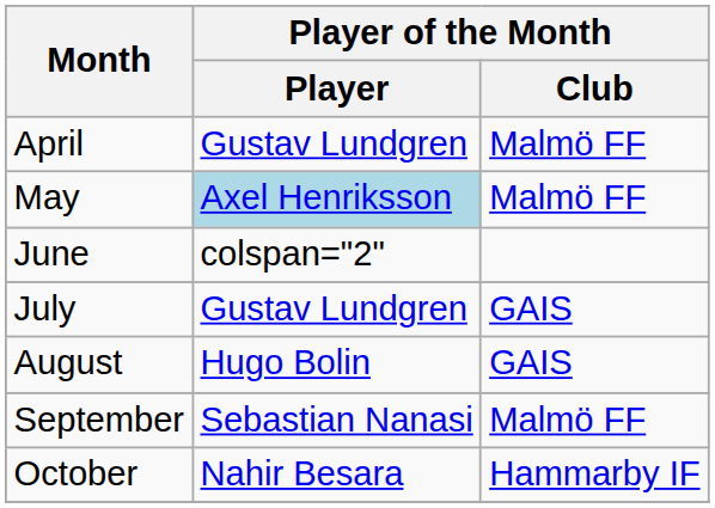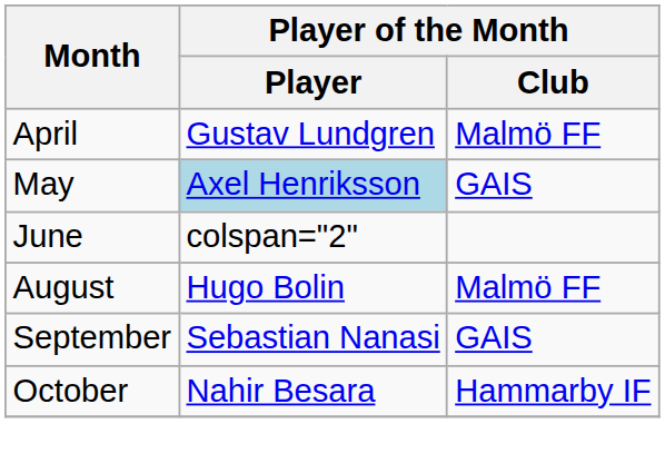 <table class="wikitable">
 <tr>
 <th rowspan="2">Month</th>
 <th colspan="2">Player of the Month</th>
 </tr>
 <tr>
 <th>Player</th>
 <th>Club</th>
 </tr>
 <tr>
 <td>April</td>
 <td> <a href='#'>Gustav Lundgren</a></td>
 <td><a href='#'>Malmö FF</a></td>
 </tr>
 <tr>
 <td>May</td>
 <td style="background: lightblue;"> <a href='#'>Axel Henriksson</a></td>
-<td><a href='#'>Malmö FF</a></td>
+<td><a href='#'>GAIS</a></td>
 </tr>
 <tr>
 <td>June</td>
 <td>colspan="2" </td>
 </tr>
 <tr>
-<td>July</td>
-<td> <a href='#'>Gustav Lundgren</a></td>
-<td><a href='#'>GAIS</a></td>
-</tr>
-<tr>
 <td>August</td>
 <td> <a href='#'>Hugo Bolin</a></td>
-<td><a href='#'>GAIS</a></td>
+<td><a href='#'>Malmö FF</a></td>
 </tr>
 <tr>
 <td>September</td>
 <td> <a href='#'>Sebastian Nanasi</a></td>
-<td><a href='#'>Malmö FF</a></td>
+<td><a href='#'>GAIS</a></td>
 </tr>
 <tr>
 <td>October</td>
 <td> <a href='#'>Nahir Besara</a></td>
 <td><a href='#'>Hammarby IF</a></td>
 </tr>
 <tr>
 </tr>
 </table>
